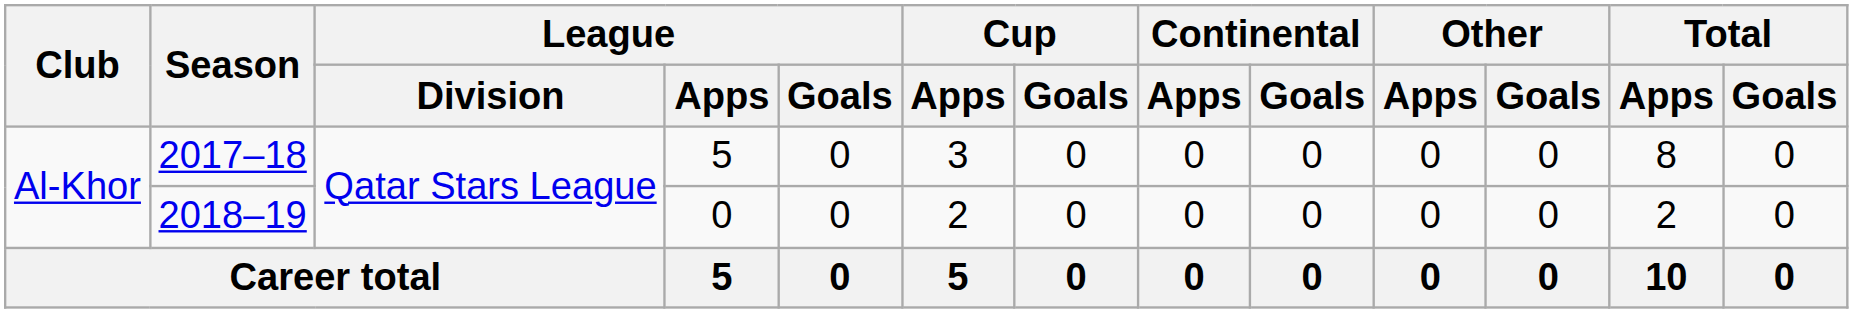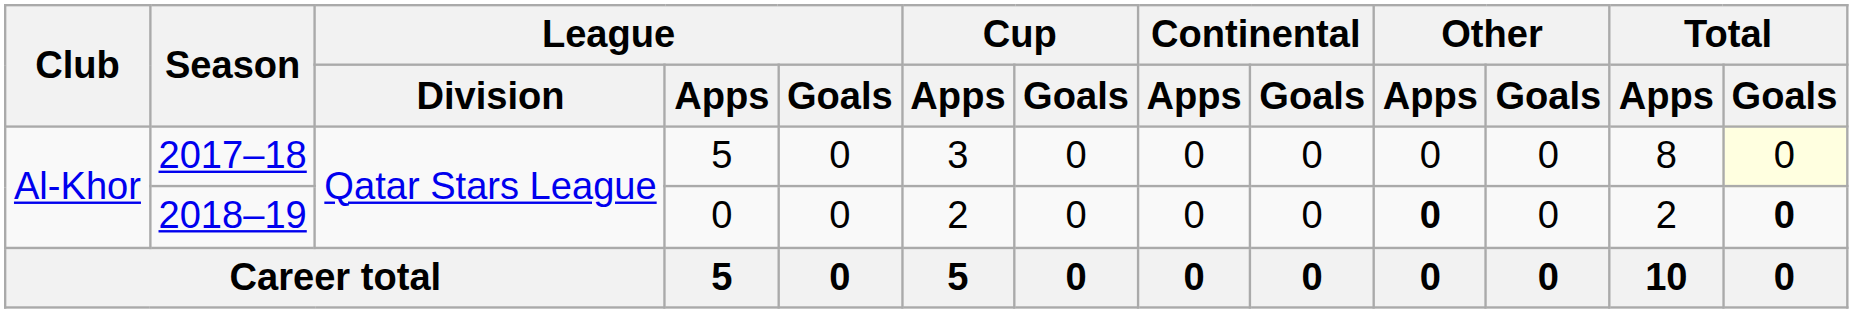 <table class="wikitable" style="text-align: center">
 <tr>
 <th rowspan="2">Club</th>
 <th rowspan="2">Season</th>
 <th colspan="3">League</th>
 <th colspan="2">Cup</th>
 <th colspan="2">Continental</th>
 <th colspan="2">Other</th>
 <th colspan="2">Total</th>
 </tr>
 <tr>
 <th>Division</th>
 <th>Apps</th>
 <th>Goals</th>
 <th>Apps</th>
 <th>Goals</th>
 <th>Apps</th>
 <th>Goals</th>
 <th>Apps</th>
 <th>Goals</th>
 <th>Apps</th>
 <th>Goals</th>
 </tr>
 <tr>
 <td rowspan="2"><a href='#'>Al-Khor</a></td>
 <td><a href='#'>2017–18</a></td>
 <td rowspan="2"><a href='#'>Qatar Stars League</a></td>
 <td>5</td>
 <td>0</td>
 <td>3</td>
 <td>0</td>
 <td>0</td>
 <td>0</td>
 <td>0</td>
 <td>0</td>
 <td>8</td>
-<td>0</td>
+<td style="background: lightyellow;">0</td>
 </tr>
 <tr>
 <td><a href='#'>2018–19</a></td>
 <td>0</td>
 <td>0</td>
 <td>2</td>
 <td>0</td>
 <td>0</td>
 <td>0</td>
-<td>0</td>
+<td><strong>0</strong></td>
 <td>0</td>
 <td>2</td>
-<td>0</td>
+<td><strong>0</strong></td>
 </tr>
 <tr>
 <th colspan=3>Career total</th>
 <th>5</th>
 <th>0</th>
 <th>5</th>
 <th>0</th>
 <th>0</th>
 <th>0</th>
 <th>0</th>
 <th>0</th>
 <th>10</th>
 <th>0</th>
 </tr>
 </table>
